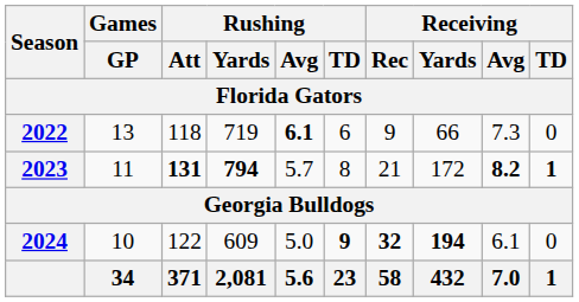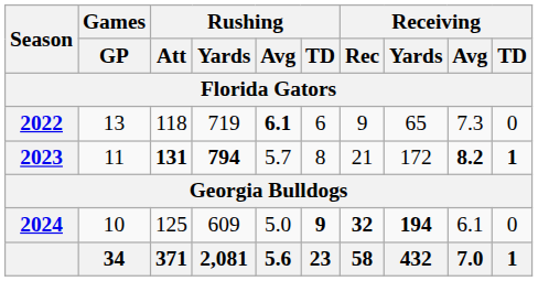 <table class="wikitable" style="text-align:center;">
 <tr>
 <th rowspan="2">Season</th>
 <th>Games</th>
 <th colspan="4">Rushing</th>
 <th colspan="4">Receiving</th>
 </tr>
 <tr>
 <th>GP</th>
 <th>Att</th>
 <th>Yards</th>
 <th>Avg</th>
 <th>TD</th>
 <th>Rec</th>
 <th>Yards</th>
 <th>Avg</th>
 <th>TD</th>
 </tr>
 <tr>
 <th colspan="12">Florida Gators</th>
 </tr>
 <tr>
 <th><a href='#'>2022</a></th>
 <td>13</td>
 <td>118</td>
 <td>719</td>
 <td><strong>6.1</strong></td>
 <td>6</td>
 <td>9</td>
-<td>66</td>
+<td>65</td>
 <td>7.3</td>
 <td>0</td>
 </tr>
 <tr>
 <th><a href='#'>2023</a></th>
 <td>11</td>
 <td><strong>131</strong></td>
 <td><strong>794</strong></td>
 <td>5.7</td>
 <td>8</td>
 <td>21</td>
 <td>172</td>
 <td><strong>8.2</strong></td>
 <td><strong>1</strong></td>
 </tr>
 <tr>
 <th colspan="12">Georgia Bulldogs</th>
 </tr>
 <tr>
 <th><a href='#'>2024</a></th>
 <td>10</td>
-<td>122</td>
+<td>125</td>
 <td>609</td>
 <td>5.0</td>
 <td><strong>9</strong></td>
 <td><strong>32</strong></td>
 <td><strong>194</strong></td>
 <td>6.1</td>
 <td>0</td>
 </tr>
 <tr>
 <th></th>
 <th>34</th>
 <th>371</th>
 <th>2,081</th>
 <th>5.6</th>
 <th>23</th>
 <th>58</th>
 <th>432</th>
 <th>7.0</th>
 <th>1</th>
 </tr>
 </table>
